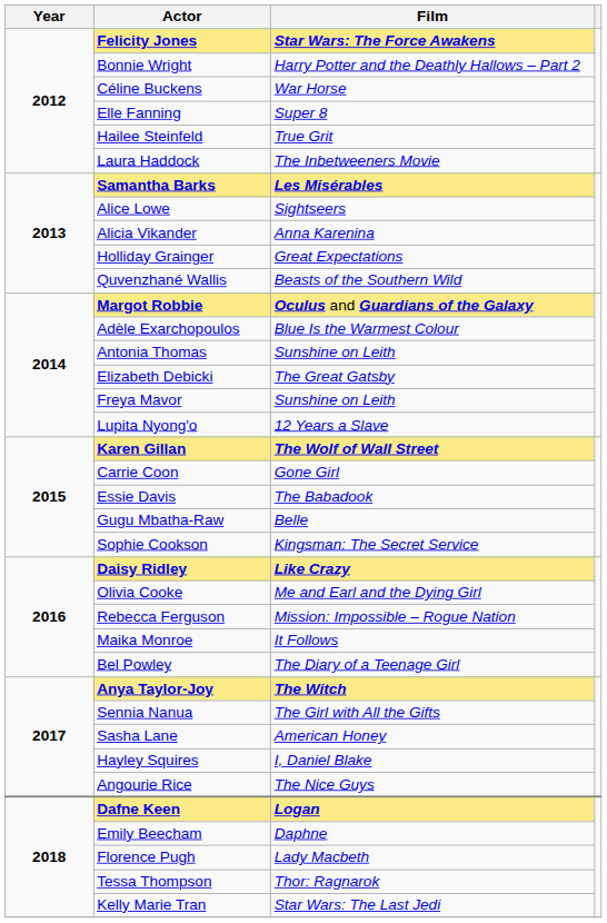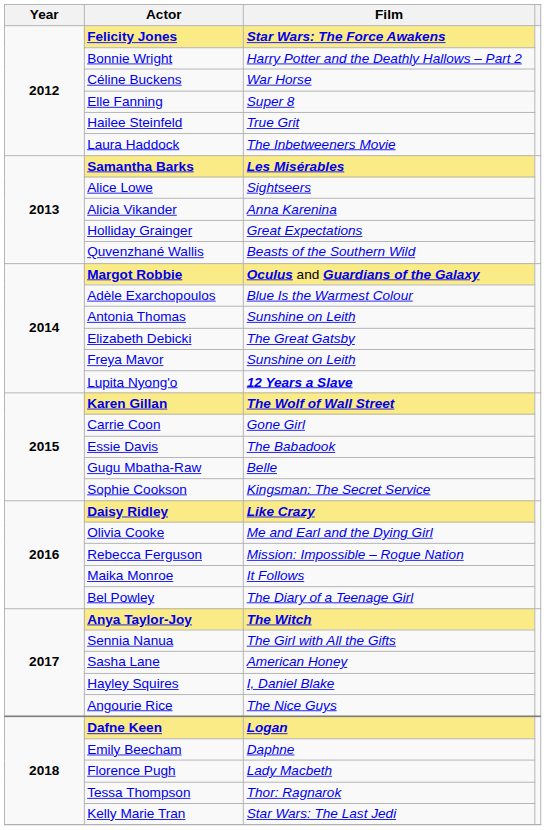 <table class="wikitable" width="50%">
 <tr>
 <th width="15%">Year</th>
 <th width="30%">Actor</th>
 <th width="60%">Film</th>
 <th width="2%"></th>
 </tr>
 <tr>
 <td rowspan="6" style="text-align:center"><strong>2012<br> </strong></td>
 <td style="background:#FAEB86"><strong><a href='#'>Felicity Jones</a></strong></td>
 <td style="background:#FAEB86"><strong><em><a href='#'>Star Wars: The Force Awakens</a></em></strong></td>
 <td rowspan="6" style="text-align:center"></td>
 </tr>
 <tr>
 <td><a href='#'>Bonnie Wright</a></td>
 <td><em><a href='#'>Harry Potter and the Deathly Hallows – Part 2</a></em></td>
 </tr>
 <tr>
 <td><a href='#'>Céline Buckens</a></td>
 <td><em><a href='#'>War Horse</a></em></td>
 </tr>
 <tr>
 <td><a href='#'>Elle Fanning</a></td>
 <td><em><a href='#'>Super 8</a></em></td>
 </tr>
 <tr>
 <td><a href='#'>Hailee Steinfeld</a></td>
 <td><em><a href='#'>True Grit</a></em></td>
 </tr>
 <tr>
 <td><a href='#'>Laura Haddock</a></td>
 <td><em><a href='#'>The Inbetweeners Movie</a></em></td>
 </tr>
 <tr>
 <td rowspan="5" style="text-align:center"><strong>2013<br> </strong></td>
 <td style="background:#FAEB86"><strong><a href='#'>Samantha Barks</a></strong></td>
 <td style="background:#FAEB86"><strong><em><a href='#'>Les Misérables</a></em></strong></td>
 <td rowspan="5" style="text-align:center"></td>
 </tr>
 <tr>
 <td><a href='#'>Alice Lowe</a></td>
 <td><em><a href='#'>Sightseers</a></em></td>
 </tr>
 <tr>
 <td><a href='#'>Alicia Vikander</a></td>
 <td><em><a href='#'>Anna Karenina</a></em></td>
 </tr>
 <tr>
 <td><a href='#'>Holliday Grainger</a></td>
 <td><em><a href='#'>Great Expectations</a></em></td>
 </tr>
 <tr>
 <td><a href='#'>Quvenzhané Wallis</a></td>
 <td><em><a href='#'>Beasts of the Southern Wild</a></em></td>
 </tr>
 <tr>
 <td rowspan="6" style="text-align:center"><strong>2014<br> </strong></td>
 <td style="background:#FAEB86"><strong><a href='#'>Margot Robbie</a></strong></td>
 <td style="background:#FAEB86"><strong><em><a href='#'>Oculus</a></em></strong> and <strong><em><a href='#'>Guardians of the Galaxy</a></em></strong></td>
 <td rowspan="6" style="text-align:center"></td>
 </tr>
 <tr>
 <td><a href='#'>Adèle Exarchopoulos</a></td>
 <td><em><a href='#'>Blue Is the Warmest Colour</a></em></td>
 </tr>
 <tr>
 <td><a href='#'>Antonia Thomas</a></td>
 <td><em><a href='#'>Sunshine on Leith</a></em></td>
 </tr>
 <tr>
 <td><a href='#'>Elizabeth Debicki</a></td>
 <td><em><a href='#'>The Great Gatsby</a></em></td>
 </tr>
 <tr>
 <td><a href='#'>Freya Mavor</a></td>
 <td><em><a href='#'>Sunshine on Leith</a></em></td>
 </tr>
 <tr>
 <td><a href='#'>Lupita Nyong'o</a></td>
-<td><em><a href='#'>12 Years a Slave</a></em></td>
+<td><strong><em><a href='#'>12 Years a Slave</a></em></strong></td>
 </tr>
 <tr>
 <td rowspan="5" style="text-align:center"><strong>2015<br> </strong></td>
 <td style="background:#FAEB86"><strong><a href='#'>Karen Gillan</a></strong></td>
 <td style="background:#FAEB86"><strong><em><a href='#'>The Wolf of Wall Street</a></em></strong></td>
 <td rowspan="5" style="text-align:center"></td>
 </tr>
 <tr>
 <td><a href='#'>Carrie Coon</a></td>
 <td><em><a href='#'>Gone Girl</a></em></td>
 </tr>
 <tr>
 <td><a href='#'>Essie Davis</a></td>
 <td><em><a href='#'>The Babadook</a></em></td>
 </tr>
 <tr>
 <td><a href='#'>Gugu Mbatha-Raw</a></td>
 <td><em><a href='#'>Belle</a></em></td>
 </tr>
 <tr>
 <td><a href='#'>Sophie Cookson</a></td>
 <td><em><a href='#'>Kingsman: The Secret Service</a></em></td>
 </tr>
 <tr>
 <td rowspan="5" style="text-align:center"><strong>2016<br> </strong></td>
 <td style="background:#FAEB86"><strong><a href='#'>Daisy Ridley</a></strong></td>
 <td style="background:#FAEB86"><strong><em><a href='#'>Like Crazy</a></em></strong></td>
 <td rowspan="5" style="text-align:center"></td>
 </tr>
 <tr>
 <td><a href='#'>Olivia Cooke</a></td>
 <td><em><a href='#'>Me and Earl and the Dying Girl</a></em></td>
 </tr>
 <tr>
 <td><a href='#'>Rebecca Ferguson</a></td>
 <td><em><a href='#'>Mission: Impossible – Rogue Nation</a></em></td>
 </tr>
 <tr>
 <td><a href='#'>Maika Monroe</a></td>
 <td><em><a href='#'>It Follows</a></em></td>
 </tr>
 <tr>
 <td><a href='#'>Bel Powley</a></td>
 <td><em><a href='#'>The Diary of a Teenage Girl</a></em></td>
 </tr>
 <tr>
 <td rowspan="5" style="text-align:center"><strong>2017<br> </strong></td>
 <td style="background:#FAEB86"><strong><a href='#'>Anya Taylor-Joy</a></strong></td>
 <td style="background:#FAEB86"><strong><em><a href='#'>The Witch</a></em></strong></td>
 <td rowspan="5" style="text-align:center"></td>
 </tr>
 <tr>
 <td><a href='#'>Sennia Nanua</a></td>
 <td><em><a href='#'>The Girl with All the Gifts</a></em></td>
 </tr>
 <tr>
 <td><a href='#'>Sasha Lane</a></td>
 <td><em><a href='#'>American Honey</a></em></td>
 </tr>
 <tr>
 <td><a href='#'>Hayley Squires</a></td>
 <td><em><a href='#'>I, Daniel Blake</a></em></td>
 </tr>
 <tr>
 <td><a href='#'>Angourie Rice</a></td>
 <td><em><a href='#'>The Nice Guys</a></em></td>
 </tr>
 <tr style="border-top:2px solid gray;">
 <td rowspan="5" style="text-align:center"><strong>2018<br> </strong></td>
 <td style="background:#FAEB86"><strong><a href='#'>Dafne Keen</a></strong></td>
 <td style="background:#FAEB86"><strong><em><a href='#'>Logan</a></em></strong></td>
 <td rowspan="5" style="text-align:center"></td>
 </tr>
 <tr>
 <td><a href='#'>Emily Beecham</a></td>
 <td><em><a href='#'>Daphne</a></em></td>
 </tr>
 <tr>
 <td><a href='#'>Florence Pugh</a></td>
 <td><em><a href='#'>Lady Macbeth</a></em></td>
 </tr>
 <tr>
 <td><a href='#'>Tessa Thompson</a></td>
 <td><em><a href='#'>Thor: Ragnarok</a></em></td>
 </tr>
 <tr>
 <td><a href='#'>Kelly Marie Tran</a></td>
 <td><em><a href='#'>Star Wars: The Last Jedi</a></em></td>
 </tr>
 <tr>
 </tr>
 </table>
